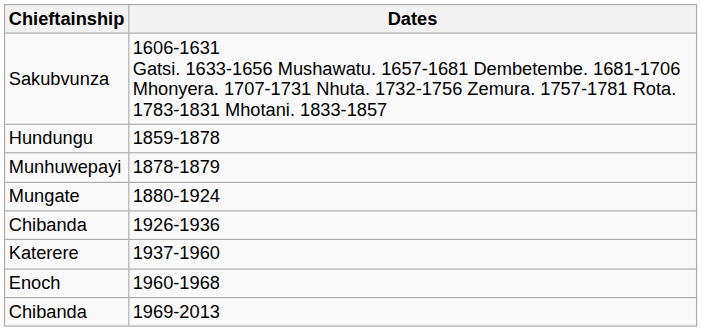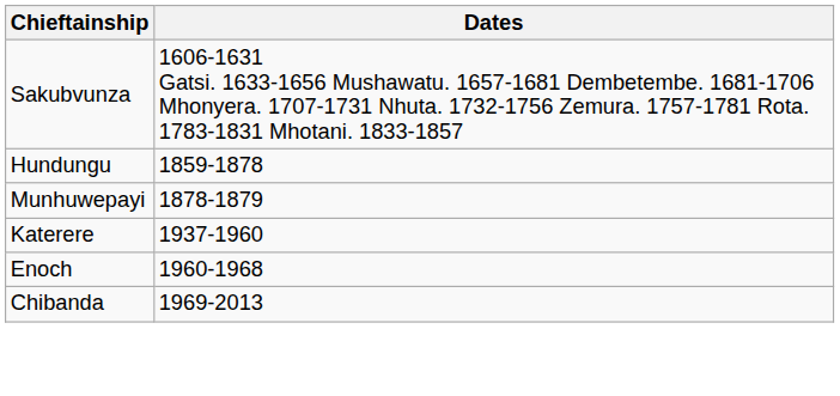 <table class="wikitable">
 <tr>
 <th>Chieftainship</th>
 <th>Dates</th>
 </tr>
 <tr>
 <td>Sakubvunza</td>
 <td>1606-1631<br>Gatsi.                1633-1656 Mushawatu.      1657-1681 Dembetembe.   1681-1706 Mhonyera.         1707-1731 Nhuta.                1732-1756 Zemura.             1757-1781 Rota.                  1783-1831 Mhotani.             1833-1857</td>
 </tr>
 <tr>
 <td>Hundungu</td>
 <td>1859-1878</td>
 </tr>
 <tr>
 <td>Munhuwepayi</td>
 <td>1878-1879</td>
 </tr>
 <tr>
-<td>Mungate</td>
-<td>1880-1924</td>
-</tr>
-<tr>
-<td>Chibanda</td>
-<td>1926-1936</td>
-</tr>
-<tr>
 <td>Katerere</td>
 <td>1937-1960</td>
 </tr>
 <tr>
 <td>Enoch</td>
 <td>1960-1968</td>
 </tr>
 <tr>
 <td>Chibanda</td>
 <td>1969-2013</td>
 </tr>
 </table>
